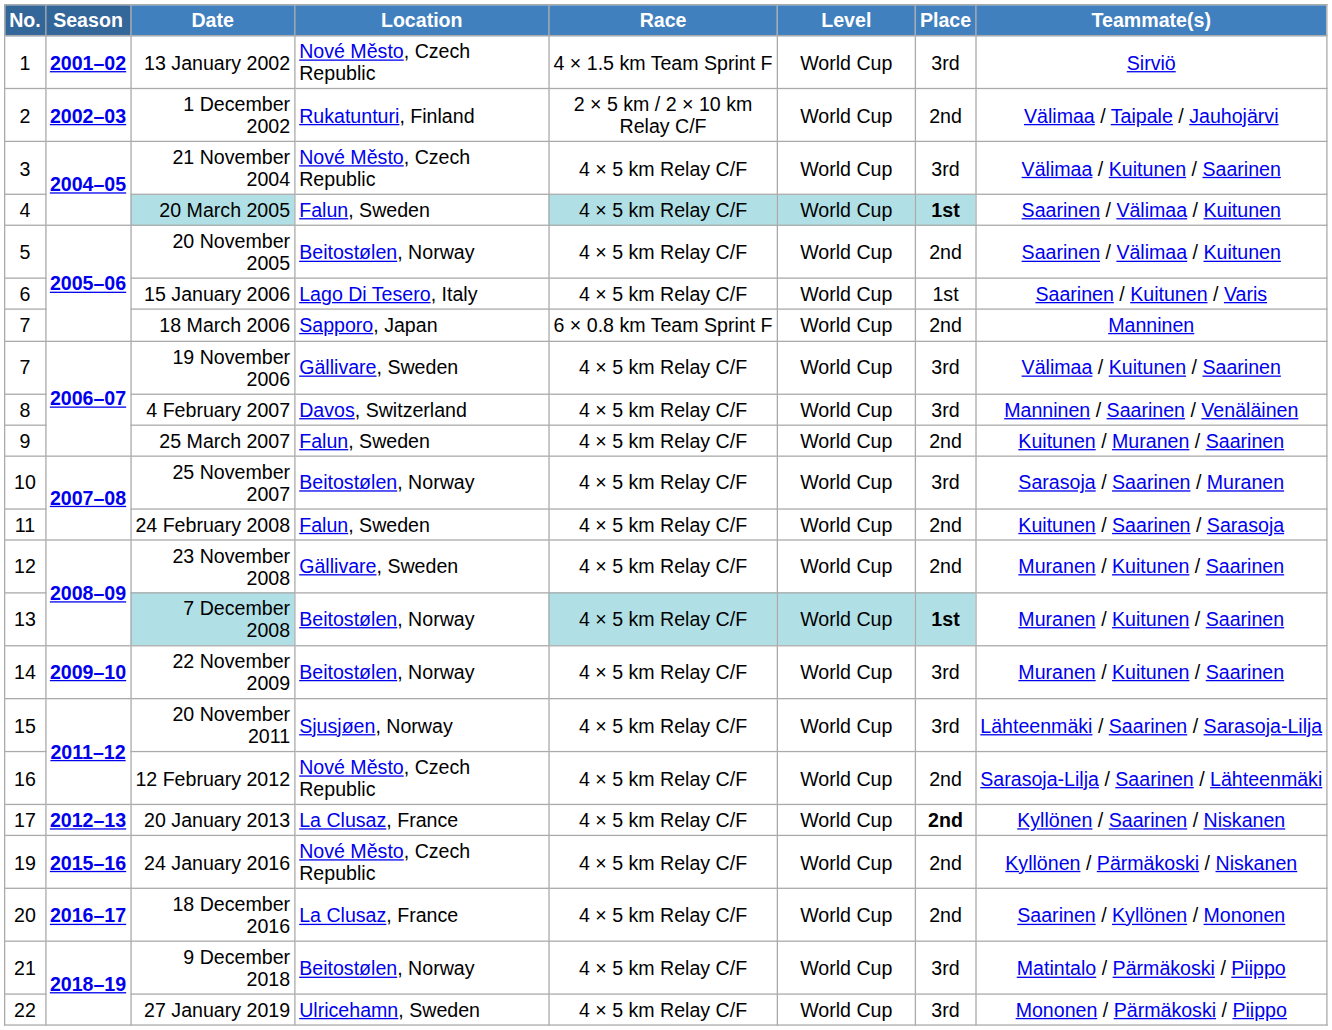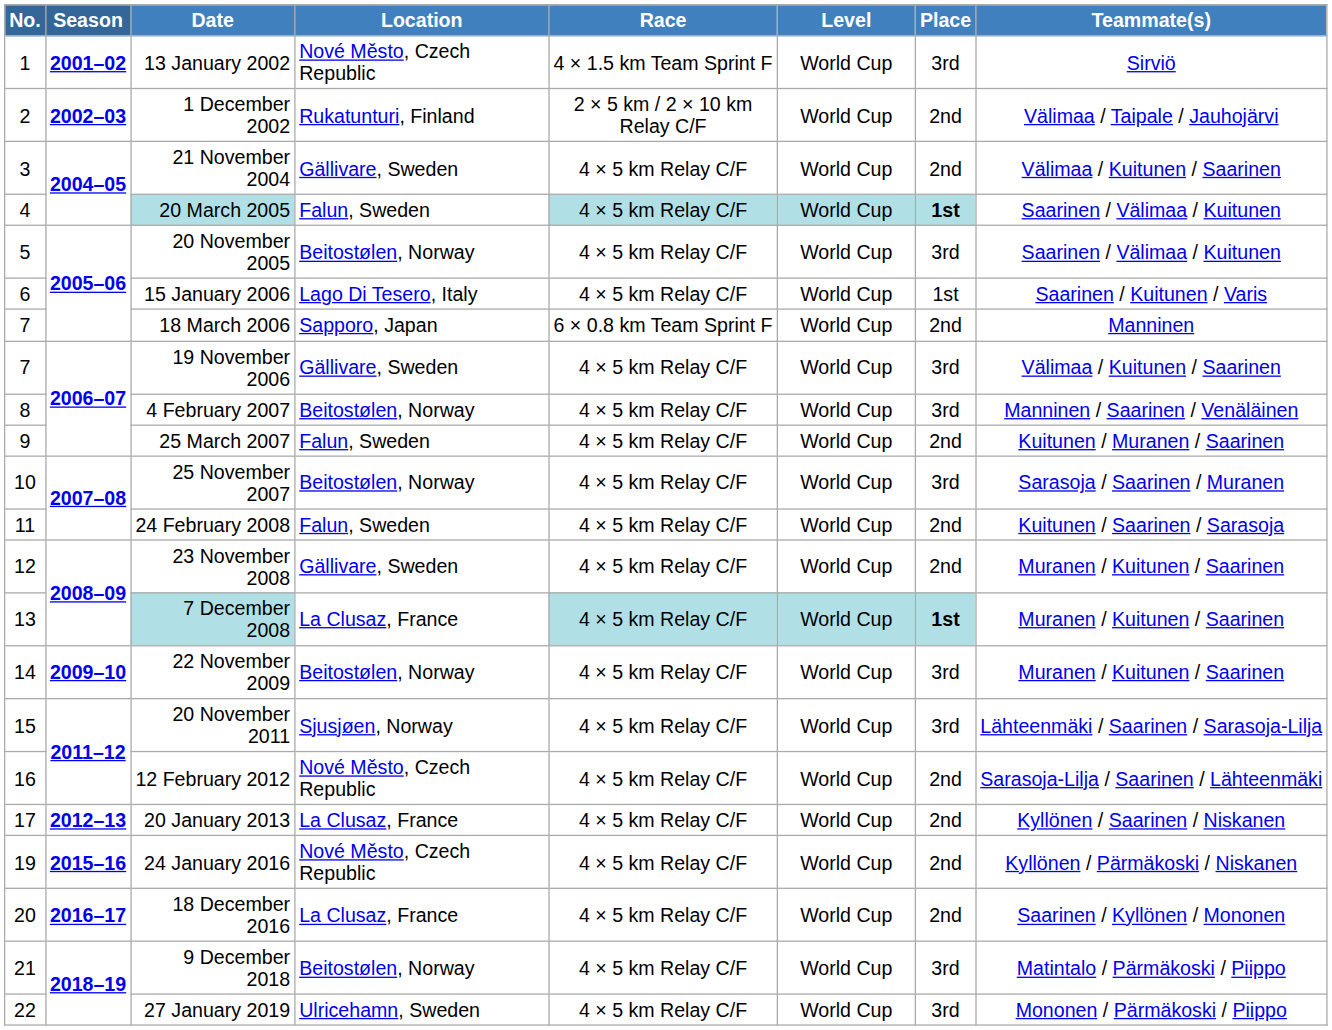 <table class="wikitable sortable" style="font-size:95%; text-align:center; border:grey solid 1px; border-collapse:collapse; background:#ffffff;">
 <tr style="background:#efefef;">
 <th style="background-color:#369; color:white;">No.</th>
 <th style="background-color:#369; color:white;">Season</th>
 <th style="background-color:#4180be; color:white; width:120px;">Date</th>
 <th style="background-color:#4180be; color:white; width:190px;">Location</th>
 <th style="background-color:#4180be; color:white; width:170px;">Race</th>
 <th style="background-color:#4180be; color:white; width:100px;">Level</th>
 <th style="background-color:#4180be; color:white;">Place</th>
 <th style="background-color:#4180be; color:white;">Teammate(s)</th>
 </tr>
 <tr>
 <td align=center>1</td>
 <td align=center><strong><a href='#'>2001–02</a></strong></td>
 <td align=right>13 January 2002</td>
 <td align=left> <a href='#'>Nové Město</a>, Czech Republic</td>
 <td>4 × 1.5 km Team Sprint F</td>
 <td>World Cup</td>
 <td>3rd</td>
 <td><a href='#'>Sirviö</a></td>
 </tr>
 <tr>
 <td align=center>2</td>
 <td align=center><strong><a href='#'>2002–03</a></strong></td>
 <td align=right>1 December 2002</td>
 <td align=left> <a href='#'>Rukatunturi</a>, Finland</td>
 <td>2 × 5 km / 2 × 10 km Relay C/F</td>
 <td>World Cup</td>
 <td>2nd</td>
 <td><a href='#'>Välimaa</a> / <a href='#'>Taipale</a> / <a href='#'>Jauhojärvi</a></td>
 </tr>
 <tr>
 <td align=center>3</td>
 <td rowspan=2 align=center><strong><a href='#'>2004–05</a></strong></td>
 <td align=right>21 November 2004</td>
-<td align=left> <a href='#'>Nové Město</a>, Czech Republic</td>
+<td align=left> <a href='#'>Gällivare</a>, Sweden</td>
 <td>4 × 5 km Relay C/F</td>
 <td>World Cup</td>
-<td>3rd</td>
+<td>2nd</td>
 <td><a href='#'>Välimaa</a> / <a href='#'>Kuitunen</a> / <a href='#'>Saarinen</a></td>
 </tr>
 <tr>
 <td align=center>4</td>
 <td bgcolor="#BOEOE6" align=right>20 March 2005</td>
 <td align=left> <a href='#'>Falun</a>, Sweden</td>
 <td bgcolor="#BOEOE6">4 × 5 km Relay C/F</td>
 <td bgcolor="#BOEOE6">World Cup</td>
 <td bgcolor="#BOEOE6"><strong>1st</strong></td>
 <td><a href='#'>Saarinen</a> / <a href='#'>Välimaa</a> / <a href='#'>Kuitunen</a></td>
 </tr>
 <tr>
 <td align=center>5</td>
 <td rowspan=3 align=center><strong><a href='#'>2005–06</a></strong></td>
 <td align=right>20 November 2005</td>
 <td align=left> <a href='#'>Beitostølen</a>, Norway</td>
 <td>4 × 5 km Relay C/F</td>
 <td>World Cup</td>
-<td>2nd</td>
+<td>3rd</td>
 <td><a href='#'>Saarinen</a> / <a href='#'>Välimaa</a> / <a href='#'>Kuitunen</a></td>
 </tr>
 <tr>
 <td align=center>6</td>
 <td align=right>15 January 2006</td>
 <td align=left> <a href='#'>Lago Di Tesero</a>, Italy</td>
 <td>4 × 5 km Relay C/F</td>
 <td>World Cup</td>
 <td>1st</td>
 <td><a href='#'>Saarinen</a> / <a href='#'>Kuitunen</a>  / <a href='#'>Varis</a></td>
 </tr>
 <tr>
 <td align=center>7</td>
 <td align=right>18 March 2006</td>
 <td align=left> <a href='#'>Sapporo</a>, Japan</td>
 <td>6 × 0.8 km Team Sprint F</td>
 <td>World Cup</td>
 <td>2nd</td>
 <td><a href='#'>Manninen</a></td>
 </tr>
 <tr>
 <td align=center>7</td>
 <td rowspan=3 align=center><strong><a href='#'>2006–07</a></strong></td>
 <td align=right>19 November 2006</td>
 <td align=left> <a href='#'>Gällivare</a>, Sweden</td>
 <td>4 × 5 km Relay C/F</td>
 <td>World Cup</td>
 <td>3rd</td>
 <td><a href='#'>Välimaa</a> / <a href='#'>Kuitunen</a> / <a href='#'>Saarinen</a></td>
 </tr>
 <tr>
 <td align=center>8</td>
 <td align=right>4 February 2007</td>
-<td align=left> <a href='#'>Davos</a>, Switzerland</td>
+<td align=left> <a href='#'>Beitostølen</a>, Norway</td>
 <td>4 × 5 km Relay C/F</td>
 <td>World Cup</td>
 <td>3rd</td>
 <td><a href='#'>Manninen</a> / <a href='#'>Saarinen</a> / <a href='#'>Venäläinen</a></td>
 </tr>
 <tr>
 <td align=center>9</td>
 <td align=right>25 March 2007</td>
 <td align=left> <a href='#'>Falun</a>, Sweden</td>
 <td>4 × 5 km Relay C/F</td>
 <td>World Cup</td>
 <td>2nd</td>
 <td><a href='#'>Kuitunen</a> / <a href='#'>Muranen</a> / <a href='#'>Saarinen</a></td>
 </tr>
 <tr>
 <td align=center>10</td>
 <td rowspan=2 align=center><strong><a href='#'>2007–08</a></strong></td>
 <td align=right>25 November 2007</td>
 <td align=left> <a href='#'>Beitostølen</a>, Norway</td>
 <td>4 × 5 km Relay C/F</td>
 <td>World Cup</td>
 <td>3rd</td>
 <td><a href='#'>Sarasoja</a> / <a href='#'>Saarinen</a> / <a href='#'>Muranen</a></td>
 </tr>
 <tr>
 <td align=center>11</td>
 <td align=right>24 February 2008</td>
 <td align=left> <a href='#'>Falun</a>, Sweden</td>
 <td>4 × 5 km Relay C/F</td>
 <td>World Cup</td>
 <td>2nd</td>
 <td><a href='#'>Kuitunen</a> / <a href='#'>Saarinen</a> / <a href='#'>Sarasoja</a></td>
 </tr>
 <tr>
 <td align=center>12</td>
 <td rowspan=2 align=center><strong><a href='#'>2008–09</a></strong></td>
 <td align=right>23 November 2008</td>
 <td align=left> <a href='#'>Gällivare</a>, Sweden</td>
 <td>4 × 5 km Relay C/F</td>
 <td>World Cup</td>
 <td>2nd</td>
 <td><a href='#'>Muranen</a> / <a href='#'>Kuitunen</a> / <a href='#'>Saarinen</a></td>
 </tr>
 <tr>
 <td align=center>13</td>
 <td bgcolor="#BOEOE6" align=right>7 December 2008</td>
-<td align=left> <a href='#'>Beitostølen</a>, Norway</td>
+<td align=left> <a href='#'>La Clusaz</a>, France</td>
 <td bgcolor="#BOEOE6">4 × 5 km Relay C/F</td>
 <td bgcolor="#BOEOE6">World Cup</td>
 <td bgcolor="#BOEOE6"><strong>1st</strong></td>
 <td><a href='#'>Muranen</a> / <a href='#'>Kuitunen</a> / <a href='#'>Saarinen</a></td>
 </tr>
 <tr>
 <td align=center>14</td>
 <td align=center><strong><a href='#'>2009–10</a></strong></td>
 <td align=right>22 November 2009</td>
 <td align=left> <a href='#'>Beitostølen</a>, Norway</td>
 <td>4 × 5 km Relay C/F</td>
 <td>World Cup</td>
 <td>3rd</td>
 <td><a href='#'>Muranen</a> / <a href='#'>Kuitunen</a> / <a href='#'>Saarinen</a></td>
 </tr>
 <tr>
 <td align=center>15</td>
 <td rowspan=2 align=center><strong><a href='#'>2011–12</a></strong></td>
 <td align=right>20 November 2011</td>
 <td align=left> <a href='#'>Sjusjøen</a>, Norway</td>
 <td>4 × 5 km Relay C/F</td>
 <td>World Cup</td>
 <td>3rd</td>
 <td><a href='#'>Lähteenmäki</a> / <a href='#'>Saarinen</a> / <a href='#'>Sarasoja-Lilja</a></td>
 </tr>
 <tr>
 <td align=center>16</td>
 <td align=right>12 February 2012</td>
 <td align=left> <a href='#'>Nové Město</a>, Czech Republic</td>
 <td>4 × 5 km Relay C/F</td>
 <td>World Cup</td>
 <td>2nd</td>
 <td><a href='#'>Sarasoja-Lilja</a> / <a href='#'>Saarinen</a> / <a href='#'>Lähteenmäki</a></td>
 </tr>
 <tr>
 <td align=center>17</td>
 <td align=center><strong><a href='#'>2012–13</a></strong></td>
 <td align=right>20 January 2013</td>
 <td align=left> <a href='#'>La Clusaz</a>, France</td>
 <td>4 × 5 km Relay C/F</td>
 <td>World Cup</td>
-<td><strong>2nd</strong></td>
+<td>2nd</td>
 <td><a href='#'>Kyllönen</a> / <a href='#'>Saarinen</a> / <a href='#'>Niskanen</a></td>
 </tr>
 <tr>
 <td align=center>19</td>
 <td align=center><strong><a href='#'>2015–16</a></strong></td>
 <td align=right>24 January 2016</td>
 <td align=left> <a href='#'>Nové Město</a>, Czech Republic</td>
 <td>4 × 5 km Relay C/F</td>
 <td>World Cup</td>
 <td>2nd</td>
 <td><a href='#'>Kyllönen</a> / <a href='#'>Pärmäkoski</a> / <a href='#'>Niskanen</a></td>
 </tr>
 <tr>
 <td align=center>20</td>
 <td align=center><strong><a href='#'>2016–17</a></strong></td>
 <td align=right>18 December 2016</td>
 <td align=left> <a href='#'>La Clusaz</a>, France</td>
 <td>4 × 5 km Relay C/F</td>
 <td>World Cup</td>
 <td>2nd</td>
 <td><a href='#'>Saarinen</a> / <a href='#'>Kyllönen</a> / <a href='#'>Mononen</a></td>
 </tr>
 <tr>
 <td align=center>21</td>
 <td rowspan=2 align=center><strong><a href='#'>2018–19</a></strong></td>
 <td align=right>9 December 2018</td>
 <td align=left> <a href='#'>Beitostølen</a>, Norway</td>
 <td>4 × 5 km Relay C/F</td>
 <td>World Cup</td>
 <td>3rd</td>
 <td><a href='#'>Matintalo</a> / <a href='#'>Pärmäkoski</a> / <a href='#'>Piippo</a></td>
 </tr>
 <tr>
 <td align=center>22</td>
 <td align=right>27 January 2019</td>
 <td align=left> <a href='#'>Ulricehamn</a>, Sweden</td>
 <td>4 × 5 km Relay C/F</td>
 <td> World Cup </td>
 <td>3rd</td>
 <td><a href='#'>Mononen</a> / <a href='#'>Pärmäkoski</a> / <a href='#'>Piippo</a></td>
 </tr>
 </table>
